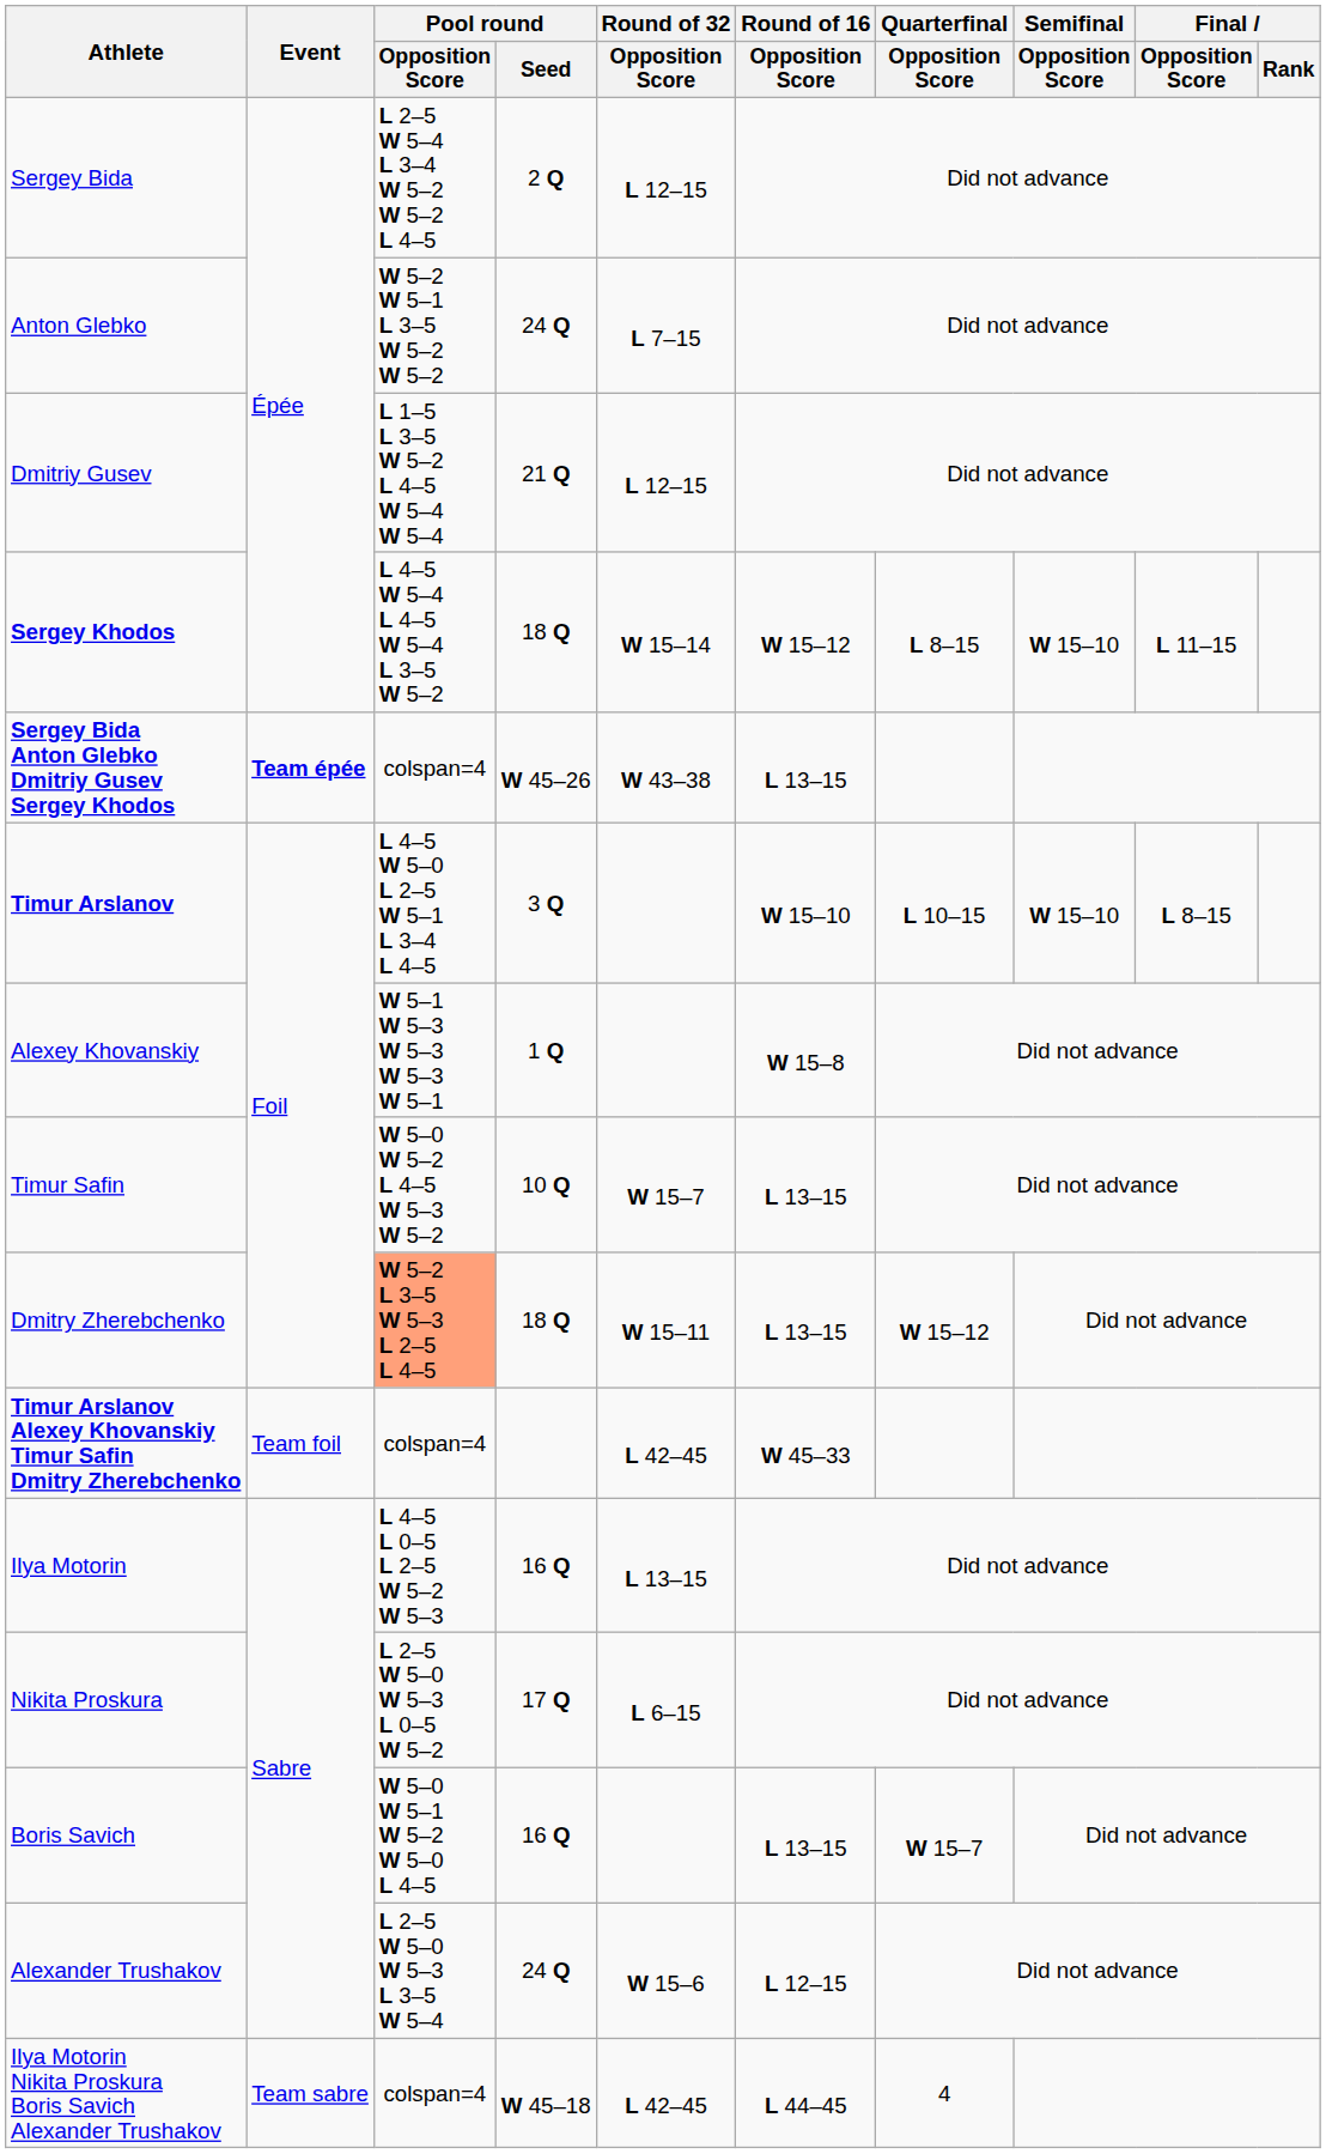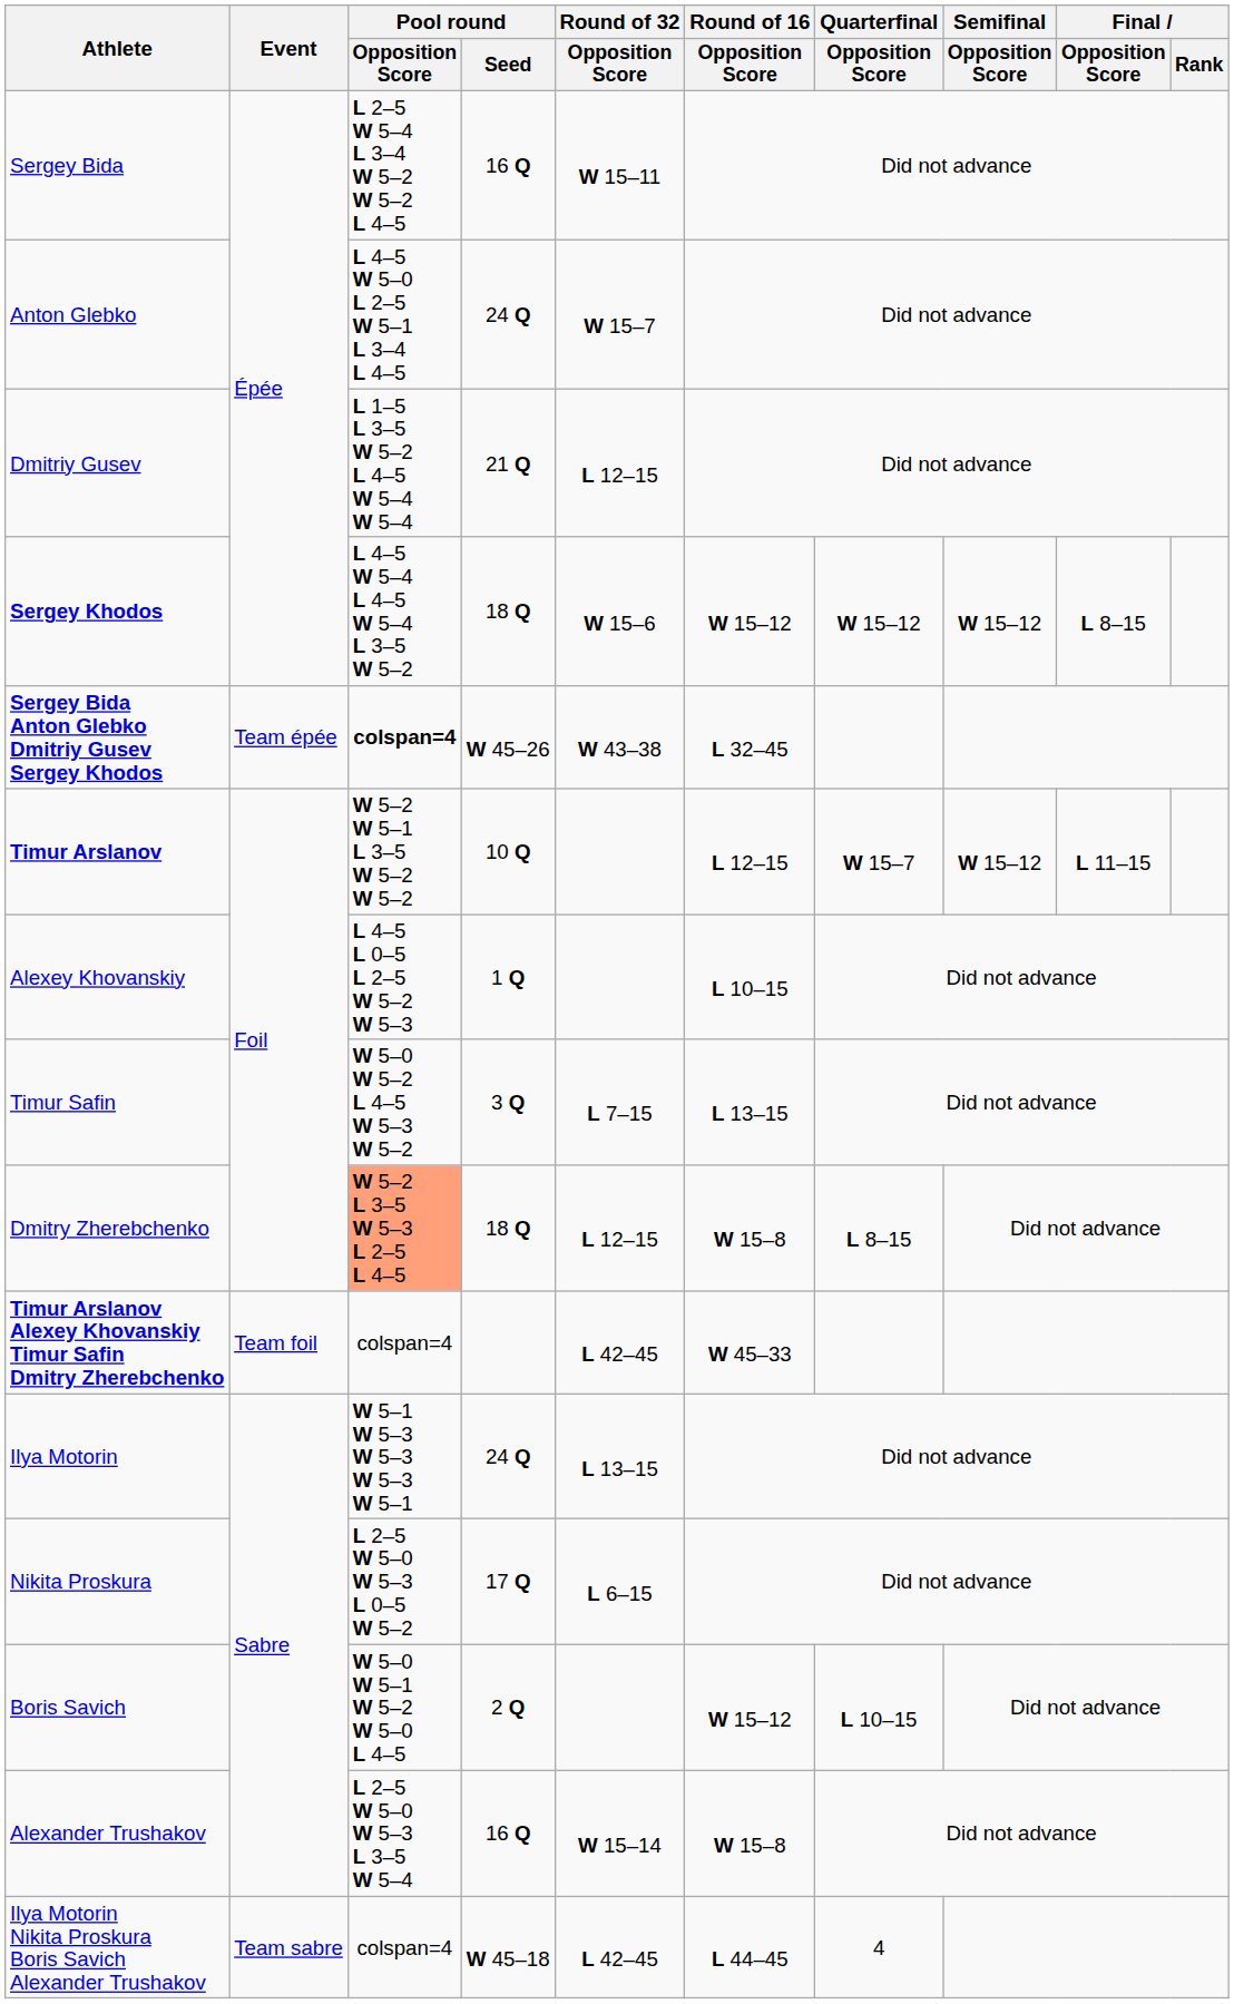 <table class="wikitable" style="text-align:center; font-size:90%">
 <tr>
 <th rowspan=2>Athlete</th>
 <th rowspan=2>Event</th>
 <th colspan=2>Pool round</th>
 <th>Round of 32</th>
 <th>Round of 16</th>
 <th>Quarterfinal</th>
 <th>Semifinal</th>
 <th colspan=2>Final / </th>
 </tr>
 <tr style="font-size:95%">
 <th>Opposition <br> Score</th>
 <th>Seed</th>
 <th>Opposition <br> Score</th>
 <th>Opposition <br> Score</th>
 <th>Opposition <br> Score</th>
 <th>Opposition <br> Score</th>
 <th>Opposition <br> Score</th>
 <th>Rank</th>
 </tr>
 <tr>
 <td align=left><a href='#'>Sergey Bida</a></td>
 <td rowspan=4 align=left><a href='#'>Épée</a></td>
 <td align=left> <strong>L</strong> 2–5<br> <strong>W</strong> 5–4<br> <strong>L</strong> 3–4<br> <strong>W</strong> 5–2<br> <strong>W</strong> 5–2<br> <strong>L</strong> 4–5</td>
-<td>2 <strong>Q</strong></td>
-<td><br><strong>L</strong> 12–15</td>
+<td>16 <strong>Q</strong></td>
+<td><br><strong>W</strong> 15–11</td>
 <td colspan=5>Did not advance</td>
 </tr>
 <tr>
 <td align=left><a href='#'>Anton Glebko</a></td>
-<td align=left> <strong>W</strong> 5–2<br> <strong>W</strong> 5–1<br> <strong>L</strong> 3–5<br> <strong>W</strong> 5–2<br> <strong>W</strong> 5–2</td>
+<td align=left> <strong>L</strong> 4–5<br> <strong>W</strong> 5–0<br> <strong>L</strong> 2–5<br> <strong>W</strong> 5–1<br> <strong>L</strong> 3–4<br> <strong>L</strong> 4–5</td>
 <td>24 <strong>Q</strong></td>
-<td><br><strong>L</strong> 7–15</td>
+<td><br><strong>W</strong> 15–7</td>
 <td colspan=5>Did not advance</td>
 </tr>
 <tr>
 <td align=left><a href='#'>Dmitriy Gusev</a></td>
 <td align=left> <strong>L</strong> 1–5<br> <strong>L</strong> 3–5<br> <strong>W</strong> 5–2<br> <strong>L</strong> 4–5<br> <strong>W</strong> 5–4<br> <strong>W</strong> 5–4</td>
 <td>21 <strong>Q</strong></td>
 <td><br><strong>L</strong> 12–15</td>
 <td colspan=5>Did not advance</td>
 </tr>
 <tr>
 <td align=left><strong><a href='#'>Sergey Khodos</a></strong></td>
 <td align=left> <strong>L</strong> 4–5<br> <strong>W</strong> 5–4<br> <strong>L</strong> 4–5<br> <strong>W</strong> 5–4<br> <strong>L</strong> 3–5<br> <strong>W</strong> 5–2</td>
 <td>18 <strong>Q</strong></td>
-<td><br><strong>W</strong> 15–14</td>
+<td><br><strong>W</strong> 15–6</td>
+<td><br><strong>W</strong> 15–12</td>
+<td><br><strong>W</strong> 15–12</td>
 <td><br><strong>W</strong> 15–12</td>
 <td><br><strong>L</strong> 8–15</td>
-<td><br><strong>W</strong> 15–10</td>
-<td><br><strong>L</strong> 11–15</td>
 <td></td>
 </tr>
 <tr>
 <td align=left><strong><a href='#'>Sergey Bida</a><br><a href='#'>Anton Glebko</a><br><a href='#'>Dmitriy Gusev</a><br><a href='#'>Sergey Khodos</a></strong></td>
-<td align=left><strong><a href='#'>Team épée</a></strong></td>
-<td>colspan=4 </td>
+<td align=left><a href='#'>Team épée</a></td>
+<td><strong>colspan=4 </strong></td>
 <td><br><strong>W</strong> 45–26</td>
 <td><br><strong>W</strong> 43–38</td>
-<td><br><strong>L</strong> 13–15</td>
+<td><br><strong>L</strong> 32–45</td>
 <td></td>
 </tr>
 <tr>
 <td align=left><strong><a href='#'>Timur Arslanov</a></strong></td>
 <td rowspan=4 align=left><a href='#'>Foil</a></td>
-<td align=left> <strong>L</strong> 4–5<br> <strong>W</strong> 5–0<br> <strong>L</strong> 2–5<br> <strong>W</strong> 5–1<br> <strong>L</strong> 3–4<br> <strong>L</strong> 4–5</td>
-<td>3 <strong>Q</strong></td>
+<td align=left> <strong>W</strong> 5–2<br> <strong>W</strong> 5–1<br> <strong>L</strong> 3–5<br> <strong>W</strong> 5–2<br> <strong>W</strong> 5–2</td>
+<td>10 <strong>Q</strong></td>
 <td></td>
-<td><br> <strong>W</strong> 15–10</td>
-<td><br><strong>L</strong> 10–15</td>
-<td><br><strong>W</strong> 15–10</td>
-<td><br><strong>L</strong> 8–15</td>
+<td><br><strong>L</strong> 12–15</td>
+<td><br><strong>W</strong> 15–7</td>
+<td><br><strong>W</strong> 15–12</td>
+<td><br><strong>L</strong> 11–15</td>
 <td></td>
 </tr>
 <tr>
 <td align=left><a href='#'>Alexey Khovanskiy</a></td>
-<td align=left> <strong>W</strong> 5–1<br> <strong>W</strong> 5–3<br> <strong>W</strong> 5–3<br> <strong>W</strong> 5–3<br> <strong>W</strong> 5–1</td>
+<td align=left> <strong>L</strong> 4–5<br> <strong>L</strong> 0–5<br> <strong>L</strong> 2–5<br> <strong>W</strong> 5–2<br> <strong>W</strong> 5–3</td>
 <td>1 <strong>Q</strong></td>
 <td></td>
-<td><br><strong>W</strong> 15–8</td>
+<td><br><strong>L</strong> 10–15</td>
 <td colspan=4>Did not advance</td>
 </tr>
 <tr>
 <td align=left><a href='#'>Timur Safin</a></td>
 <td align=left> <strong>W</strong> 5–0<br> <strong>W</strong> 5–2<br> <strong>L</strong> 4–5<br> <strong>W</strong> 5–3<br> <strong>W</strong> 5–2</td>
-<td>10 <strong>Q</strong></td>
-<td><br><strong>W</strong> 15–7</td>
+<td>3 <strong>Q</strong></td>
+<td><br><strong>L</strong> 7–15</td>
 <td><br><strong>L</strong> 13–15</td>
 <td colspan=4>Did not advance</td>
 </tr>
 <tr>
 <td align=left><a href='#'>Dmitry Zherebchenko</a></td>
 <td align=left style="background: lightsalmon;"> <strong>W</strong> 5–2<br> <strong>L</strong> 3–5<br> <strong>W</strong> 5–3<br> <strong>L</strong> 2–5<br> <strong>L</strong> 4–5</td>
 <td>18 <strong>Q</strong></td>
-<td><br><strong>W</strong> 15–11</td>
-<td><br><strong>L</strong> 13–15</td>
-<td><br><strong>W</strong> 15–12</td>
+<td><br><strong>L</strong> 12–15</td>
+<td><br><strong>W</strong> 15–8</td>
+<td><br><strong>L</strong> 8–15</td>
 <td colspan=3>Did not advance</td>
 </tr>
 <tr>
 <td align=left><strong><a href='#'>Timur Arslanov</a><br><a href='#'>Alexey Khovanskiy</a><br><a href='#'>Timur Safin</a><br><a href='#'>Dmitry Zherebchenko</a></strong></td>
 <td align=left><a href='#'>Team foil</a></td>
 <td>colspan=4 </td>
 <td></td>
 <td><br><strong>L</strong> 42–45</td>
 <td><br><strong>W</strong> 45–33</td>
 <td></td>
 </tr>
 <tr>
 <td align=left><a href='#'>Ilya Motorin</a></td>
 <td rowspan=4 align=left><a href='#'>Sabre</a></td>
-<td align=left> <strong>L</strong> 4–5<br> <strong>L</strong> 0–5<br> <strong>L</strong> 2–5<br> <strong>W</strong> 5–2<br> <strong>W</strong> 5–3</td>
-<td>16 <strong>Q</strong></td>
+<td align=left> <strong>W</strong> 5–1<br> <strong>W</strong> 5–3<br> <strong>W</strong> 5–3<br> <strong>W</strong> 5–3<br> <strong>W</strong> 5–1</td>
+<td>24 <strong>Q</strong></td>
 <td><br><strong>L</strong> 13–15</td>
 <td colspan=5>Did not advance</td>
 </tr>
 <tr>
 <td align=left><a href='#'>Nikita Proskura</a></td>
 <td align=left> <strong>L</strong> 2–5<br> <strong>W</strong> 5–0<br> <strong>W</strong> 5–3<br> <strong>L</strong> 0–5<br> <strong>W</strong> 5–2</td>
 <td>17 <strong>Q</strong></td>
 <td><br><strong>L</strong> 6–15</td>
 <td colspan=5>Did not advance</td>
 </tr>
 <tr>
 <td align=left><a href='#'>Boris Savich</a></td>
 <td align=left> <strong>W</strong> 5–0<br> <strong>W</strong> 5–1<br> <strong>W</strong> 5–2<br> <strong>W</strong> 5–0<br> <strong>L</strong> 4–5</td>
-<td>16 <strong>Q</strong></td>
+<td>2 <strong>Q</strong></td>
 <td></td>
-<td><br><strong>L</strong> 13–15</td>
-<td><br><strong>W</strong> 15–7</td>
+<td><br><strong>W</strong> 15–12</td>
+<td><br><strong>L</strong> 10–15</td>
 <td colspan=3>Did not advance</td>
 </tr>
 <tr>
 <td align=left><a href='#'>Alexander Trushakov</a></td>
 <td align=left> <strong>L</strong> 2–5<br> <strong>W</strong> 5–0<br> <strong>W</strong> 5–3<br> <strong>L</strong> 3–5<br> <strong>W</strong> 5–4</td>
-<td>24 <strong>Q</strong></td>
-<td><br><strong>W</strong> 15–6</td>
-<td><br><strong>L</strong> 12–15</td>
+<td>16 <strong>Q</strong></td>
+<td><br><strong>W</strong> 15–14</td>
+<td><br><strong>W</strong> 15–8</td>
 <td colspan=4>Did not advance</td>
 </tr>
 <tr>
 <td align=left><a href='#'>Ilya Motorin</a><br><a href='#'>Nikita Proskura</a><br><a href='#'>Boris Savich</a><br><a href='#'>Alexander Trushakov</a></td>
 <td align=left><a href='#'>Team sabre</a></td>
 <td>colspan=4 </td>
 <td><br><strong>W</strong> 45–18</td>
 <td><br><strong>L</strong> 42–45</td>
 <td><br><strong>L</strong> 44–45</td>
 <td>4</td>
 </tr>
 </table>
